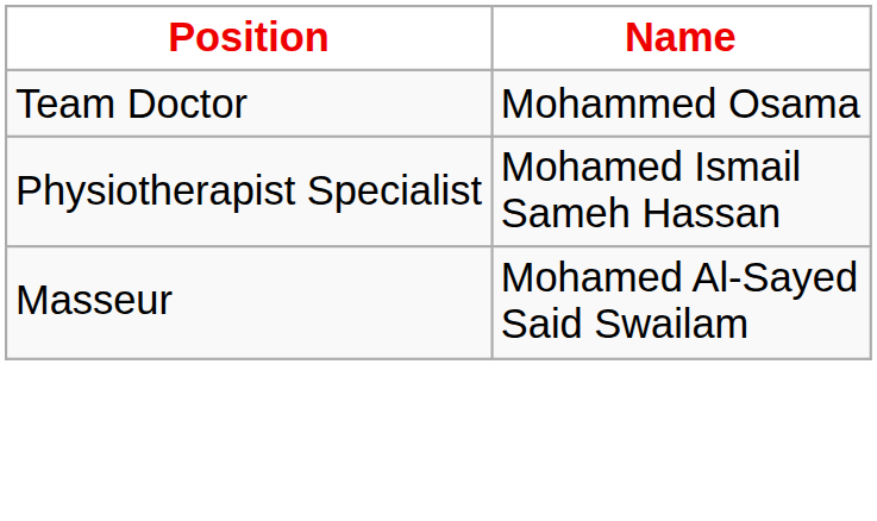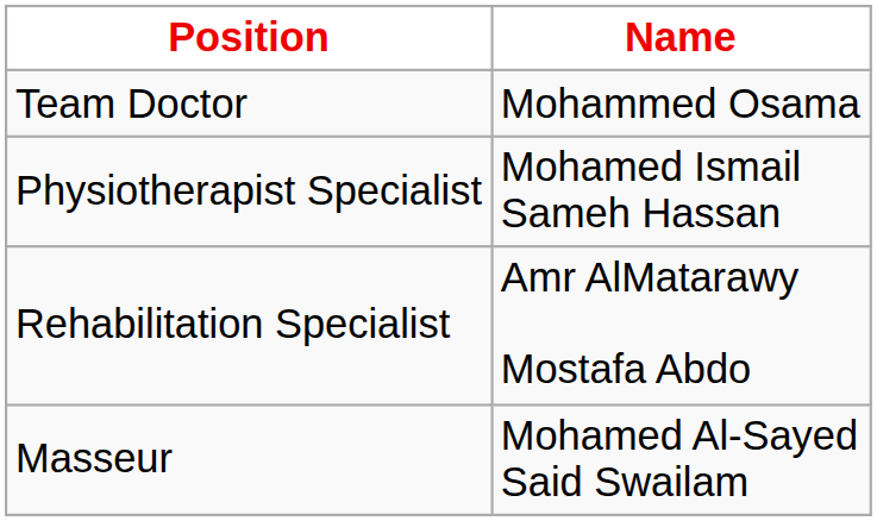 <table class="wikitable">
 <tr>
 <th style="background:#FFFFFF; color:#E00; ">Position</th>
 <th style="background:#FFFFFF; color:#E00; ">Name</th>
 </tr>
 <tr>
 <td>Team Doctor</td>
 <td> Mohammed Osama</td>
 </tr>
 <tr>
 <td>Physiotherapist Specialist</td>
 <td> Mohamed Ismail <br>  Sameh Hassan <br></td>
 </tr>
 <tr>
+<td>Rehabilitation Specialist</td>
+<td> Amr AlMatarawy <br><br> Mostafa Abdo</td>
+</tr>
+<tr>
 <td>Masseur</td>
 <td> Mohamed Al-Sayed <br>  Said Swailam</td>
 </tr>
 </table>
